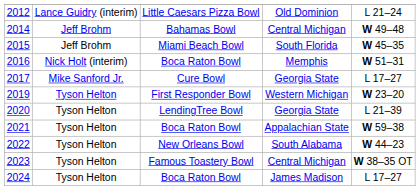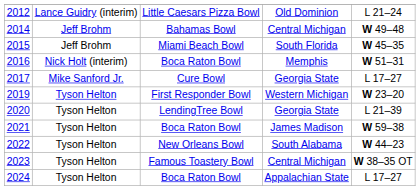 <table class="wikitable" style="text-align:center; background:white;">
 <tr>
 </tr>
 <tr>
 <td><a href='#'>2012</a></td>
 <td><a href='#'>Lance Guidry</a> (interim)</td>
 <td><a href='#'>Little Caesars Pizza Bowl</a></td>
 <td><a href='#'>Old Dominion</a></td>
 <td>L 21–24</td>
 </tr>
 <tr style="text-align:center;">
 <td><a href='#'>2014</a></td>
 <td><a href='#'>Jeff Brohm</a></td>
 <td><a href='#'>Bahamas Bowl</a></td>
 <td><a href='#'>Central Michigan</a></td>
 <td><strong>W</strong> 49–48</td>
 </tr>
 <tr style="text-align:center;">
 <td><a href='#'>2015</a></td>
 <td>Jeff Brohm</td>
 <td><a href='#'>Miami Beach Bowl</a></td>
 <td><a href='#'>South Florida</a></td>
 <td><strong>W</strong> 45–35</td>
 </tr>
 <tr style="text-align:center;">
 <td><a href='#'>2016</a></td>
 <td><a href='#'>Nick Holt</a> (interim)</td>
 <td><a href='#'>Boca Raton Bowl</a></td>
 <td><a href='#'>Memphis</a></td>
 <td><strong>W</strong> 51–31</td>
 </tr>
 <tr style="text-align:center;">
 <td><a href='#'>2017</a></td>
 <td><a href='#'>Mike Sanford Jr.</a></td>
 <td><a href='#'>Cure Bowl</a></td>
 <td><a href='#'>Georgia State</a></td>
 <td>L 17–27</td>
 </tr>
 <tr>
 <td><a href='#'>2019</a></td>
 <td><a href='#'>Tyson Helton</a></td>
 <td><a href='#'>First Responder Bowl</a></td>
 <td><a href='#'>Western Michigan</a></td>
 <td><strong>W</strong> 23–20</td>
 </tr>
 <tr>
 <td><a href='#'>2020</a></td>
 <td>Tyson Helton</td>
 <td><a href='#'>LendingTree Bowl</a></td>
 <td><a href='#'>Georgia State</a></td>
 <td>L 21–39</td>
 </tr>
 <tr>
 <td><a href='#'>2021</a></td>
 <td>Tyson Helton</td>
 <td><a href='#'>Boca Raton Bowl</a></td>
-<td><a href='#'>Appalachian State</a></td>
+<td><a href='#'>James Madison</a></td>
 <td><strong>W</strong> 59–38</td>
 </tr>
 <tr>
 <td><a href='#'>2022</a></td>
 <td>Tyson Helton</td>
 <td><a href='#'>New Orleans Bowl</a></td>
 <td><a href='#'>South Alabama</a></td>
 <td><strong>W</strong> 44–23</td>
 </tr>
 <tr>
 <td><a href='#'>2023</a></td>
 <td>Tyson Helton</td>
 <td><a href='#'>Famous Toastery Bowl</a></td>
 <td><a href='#'>Central Michigan</a></td>
 <td><strong>W</strong> 38–35 OT</td>
 </tr>
 <tr>
 <td><a href='#'>2024</a></td>
 <td>Tyson Helton</td>
 <td><a href='#'>Boca Raton Bowl</a></td>
-<td><a href='#'>James Madison</a></td>
+<td><a href='#'>Appalachian State</a></td>
 <td>L 17–27</td>
 </tr>
 </table>
